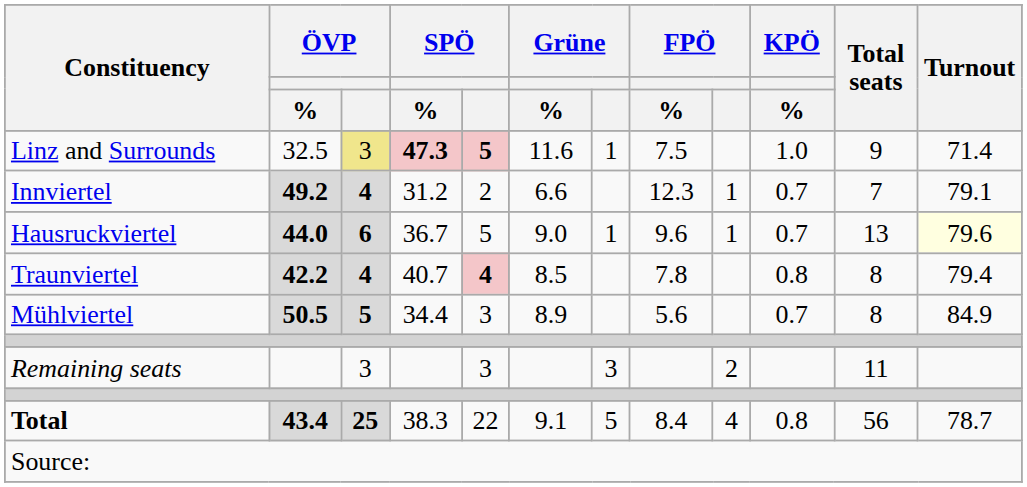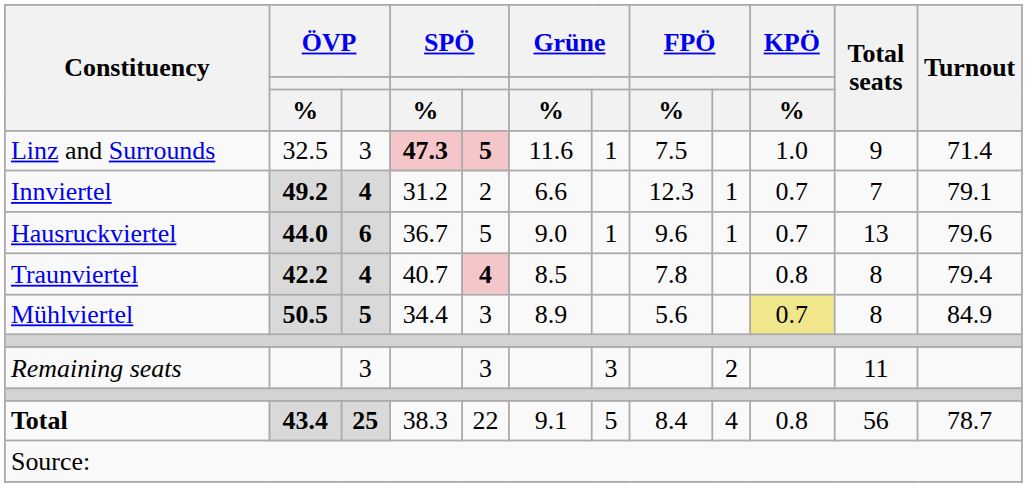 <table class="wikitable" style="text-align:center;font-size:90%;line-height:16px">
 <tr style="height:40px;">
 <th style="width:140px;" rowspan="3">Constituency</th>
 <th style="width:60px;" colspan="2"><a href='#'>ÖVP</a></th>
 <th style="width:60px;" colspan="2"><a href='#'>SPÖ</a></th>
 <th style="width:60px;" colspan="2"><a href='#'>Grüne</a></th>
 <th style="width:60px;" colspan="2"><a href='#'>FPÖ</a></th>
 <th style="width:40px;"><a href='#'>KPÖ</a></th>
 <th class="unsortable" style="width:40px;" rowspan="3">Total<br>seats</th>
 <th class="unsortable" style="width:40px;" rowspan="3">Turnout</th>
 </tr>
 <tr>
 <th colspan="2" style="background:"></th>
 <th colspan="2" style="background:"></th>
 <th colspan="2" style="background:"></th>
 <th colspan="2" style="background:"></th>
 <th style="background:"></th>
 </tr>
 <tr>
 <th class=unsortable>%</th>
 <th class=unsortable></th>
 <th class=unsortable>%</th>
 <th class=unsortable></th>
 <th class=unsortable>%</th>
 <th class=unsortable></th>
 <th class=unsortable>%</th>
 <th class=unsortable></th>
 <th class=unsortable>%</th>
 </tr>
 <tr>
 <td align=left><a href='#'>Linz</a> and <a href='#'>Surrounds</a></td>
 <td>32.5</td>
-<td style="background: khaki;">3</td>
+<td>3</td>
 <td bgcolor=#F4C6C9><strong>47.3</strong></td>
 <td bgcolor=#F4C6C9><strong>5</strong></td>
 <td>11.6</td>
 <td>1</td>
 <td>7.5</td>
 <td></td>
 <td>1.0</td>
 <td>9</td>
 <td>71.4</td>
 </tr>
 <tr>
 <td align=left><a href='#'>Innviertel</a></td>
 <td bgcolor=#D9D9D9><strong>49.2</strong></td>
 <td bgcolor=#D9D9D9><strong>4</strong></td>
 <td>31.2</td>
 <td>2</td>
 <td>6.6</td>
 <td></td>
 <td>12.3</td>
 <td>1</td>
 <td>0.7</td>
 <td>7</td>
 <td>79.1</td>
 </tr>
 <tr>
 <td align=left><a href='#'>Hausruckviertel</a></td>
 <td bgcolor=#D9D9D9><strong>44.0</strong></td>
 <td bgcolor=#D9D9D9><strong>6</strong></td>
 <td>36.7</td>
 <td>5</td>
 <td>9.0</td>
 <td>1</td>
 <td>9.6</td>
 <td>1</td>
 <td>0.7</td>
 <td>13</td>
-<td style="background: lightyellow;">79.6</td>
+<td>79.6</td>
 </tr>
 <tr>
 <td align=left><a href='#'>Traunviertel</a></td>
 <td bgcolor=#D9D9D9><strong>42.2</strong></td>
 <td bgcolor=#D9D9D9><strong>4</strong></td>
 <td>40.7</td>
 <td bgcolor=#F4C6C9><strong>4</strong></td>
 <td>8.5</td>
 <td></td>
 <td>7.8</td>
 <td></td>
 <td>0.8</td>
 <td>8</td>
 <td>79.4</td>
 </tr>
 <tr>
 <td align=left><a href='#'>Mühlviertel</a></td>
 <td bgcolor=#D9D9D9><strong>50.5</strong></td>
 <td bgcolor=#D9D9D9><strong>5</strong></td>
 <td>34.4</td>
 <td>3</td>
 <td>8.9</td>
 <td></td>
 <td>5.6</td>
 <td></td>
-<td>0.7</td>
+<td style="background: khaki;">0.7</td>
 <td>8</td>
 <td>84.9</td>
 </tr>
 <tr>
 <td colspan=12 bgcolor=lightgrey></td>
 </tr>
 <tr>
 <td align=left><em>Remaining seats</em></td>
 <td></td>
 <td>3</td>
 <td></td>
 <td>3</td>
 <td></td>
 <td>3</td>
 <td></td>
 <td>2</td>
 <td></td>
 <td>11</td>
 <td></td>
 </tr>
 <tr>
 <td colspan=12 bgcolor=lightgrey></td>
 </tr>
 <tr>
 <td align=left><strong>Total</strong></td>
 <td bgcolor=#D9D9D9><strong>43.4</strong></td>
 <td bgcolor=#D9D9D9><strong>25</strong></td>
 <td>38.3</td>
 <td>22</td>
 <td>9.1</td>
 <td>5</td>
 <td>8.4</td>
 <td>4</td>
 <td>0.8</td>
 <td>56</td>
 <td>78.7</td>
 </tr>
 <tr class=sortbottom>
 <td colspan=12 align=left>Source: </td>
 </tr>
 </table>
